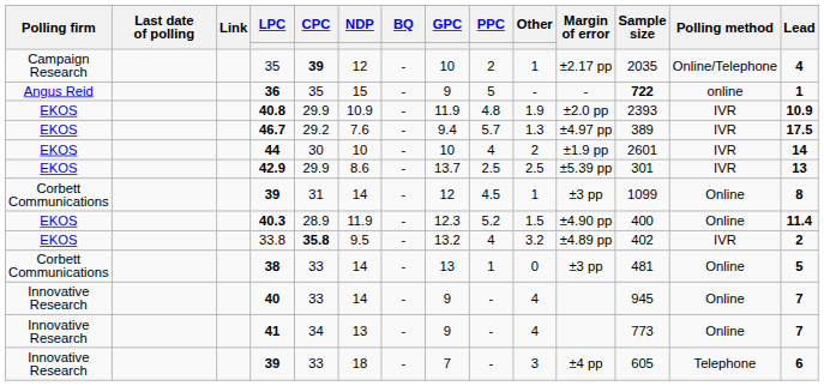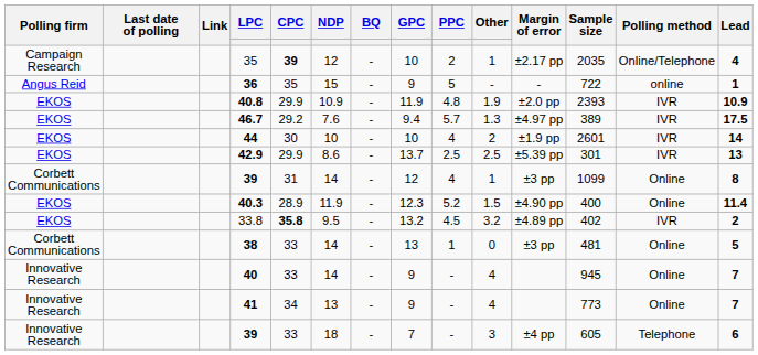 <table class="wikitable sortable mw-datatable" style="text-align:center;font-size:90%;line-height:14px;">
 <tr style="height:40px;">
 <th style="width:105px;" rowspan="2">Polling firm</th>
 <th style="width:105px;" rowspan="2">Last date<br>of polling</th>
 <th rowspan="2">Link</th>
 <th class="unsortable" style="width:40px;"><a href='#'>LPC</a></th>
 <th class="unsortable" style="width:40px;"><a href='#'>CPC</a></th>
 <th class="unsortable" style="width:40px;"><a href='#'>NDP</a></th>
 <th class="unsortable" style="width:40px;"><a href='#'>BQ</a></th>
 <th class="unsortable" style="width:40px;"><a href='#'>GPC</a></th>
 <th class="unsortable" style="width:40px;"><a href='#'>PPC</a></th>
 <th class="unsortable" style="width:40px;">Other</th>
 <th rowspan="2">Margin<br>of error</th>
 <th rowspan="2">Sample<br>size</th>
 <th rowspan="2">Polling method</th>
 <th rowspan="2">Lead</th>
 </tr>
 <tr>
 <th style="background:"></th>
 <th style="background:"></th>
 <th style="background:"></th>
 <th style="background:"></th>
 <th style="background:"></th>
 <th style="background:"></th>
 <th style="background:"></th>
 </tr>
 <tr>
 <td>Campaign Research</td>
 <td></td>
 <td></td>
 <td>35</td>
 <td><strong>39</strong></td>
 <td>12</td>
 <td>-</td>
 <td>10</td>
 <td>2</td>
 <td>1</td>
 <td>±2.17 pp</td>
 <td>2035</td>
 <td>Online/Telephone</td>
 <td><strong>4</strong></td>
 </tr>
 <tr>
 <td><a href='#'>Angus Reid</a></td>
 <td></td>
 <td></td>
 <td><strong>36</strong></td>
 <td>35</td>
 <td>15</td>
 <td>-</td>
 <td>9</td>
 <td>5</td>
 <td>-</td>
 <td>-</td>
-<td><strong>722</strong></td>
+<td>722</td>
 <td>online</td>
 <td><strong>1</strong></td>
 </tr>
 <tr>
 <td><a href='#'>EKOS</a></td>
 <td></td>
 <td></td>
 <td><strong>40.8</strong></td>
 <td>29.9</td>
 <td>10.9</td>
 <td>-</td>
 <td>11.9</td>
 <td>4.8</td>
 <td>1.9</td>
 <td>±2.0 pp</td>
 <td>2393</td>
 <td>IVR</td>
 <td><strong>10.9</strong></td>
 </tr>
 <tr>
 <td><a href='#'>EKOS</a></td>
 <td></td>
 <td></td>
 <td><strong>46.7</strong></td>
 <td>29.2</td>
 <td>7.6</td>
 <td>-</td>
 <td>9.4</td>
 <td>5.7</td>
 <td>1.3</td>
 <td>±4.97 pp</td>
 <td>389</td>
 <td>IVR</td>
 <td><strong>17.5</strong></td>
 </tr>
 <tr>
 <td><a href='#'>EKOS</a></td>
 <td></td>
 <td></td>
 <td><strong>44</strong></td>
 <td>30</td>
 <td>10</td>
 <td>-</td>
 <td>10</td>
 <td>4</td>
 <td>2</td>
 <td>±1.9 pp</td>
 <td>2601</td>
 <td>IVR</td>
 <td><strong>14</strong></td>
 </tr>
 <tr>
 <td><a href='#'>EKOS</a></td>
 <td></td>
 <td></td>
 <td><strong>42.9</strong></td>
 <td>29.9</td>
 <td>8.6</td>
 <td>-</td>
 <td>13.7</td>
 <td>2.5</td>
 <td>2.5</td>
 <td>±5.39 pp</td>
 <td>301</td>
 <td>IVR</td>
 <td><strong>13</strong></td>
 </tr>
 <tr>
 <td>Corbett Communications</td>
 <td></td>
 <td></td>
 <td><strong>39</strong></td>
 <td>31</td>
 <td>14</td>
 <td>-</td>
 <td>12</td>
-<td>4.5</td>
+<td>4</td>
 <td>1</td>
 <td>±3 pp</td>
 <td>1099</td>
 <td>Online</td>
 <td><strong>8</strong></td>
 </tr>
 <tr>
 <td><a href='#'>EKOS</a></td>
 <td></td>
 <td></td>
 <td><strong>40.3</strong></td>
 <td>28.9</td>
 <td>11.9</td>
 <td>-</td>
 <td>12.3</td>
 <td>5.2</td>
 <td>1.5</td>
 <td>±4.90 pp</td>
 <td>400</td>
 <td>Online</td>
 <td><strong>11.4</strong></td>
 </tr>
 <tr>
 <td><a href='#'>EKOS</a></td>
 <td></td>
 <td></td>
 <td>33.8</td>
 <td><strong>35.8</strong></td>
 <td>9.5</td>
 <td>-</td>
 <td>13.2</td>
-<td>4</td>
+<td>4.5</td>
 <td>3.2</td>
 <td>±4.89 pp</td>
 <td>402</td>
 <td>IVR</td>
 <td><strong>2</strong></td>
 </tr>
 <tr>
 <td>Corbett Communications</td>
 <td></td>
 <td></td>
 <td><strong>38</strong></td>
 <td>33</td>
 <td>14</td>
 <td>-</td>
 <td>13</td>
 <td>1</td>
 <td>0</td>
 <td>±3 pp</td>
 <td>481</td>
 <td>Online</td>
 <td><strong>5</strong></td>
 </tr>
 <tr>
 <td>Innovative Research</td>
 <td></td>
 <td></td>
 <td><strong>40</strong></td>
 <td>33</td>
 <td>14</td>
 <td>-</td>
 <td>9</td>
 <td>-</td>
 <td>4</td>
 <td></td>
 <td>945</td>
 <td>Online</td>
 <td><strong>7</strong></td>
 </tr>
 <tr>
 <td>Innovative Research</td>
 <td></td>
 <td></td>
 <td><strong>41</strong></td>
 <td>34</td>
 <td>13</td>
 <td>-</td>
 <td>9</td>
 <td>-</td>
 <td>4</td>
 <td></td>
 <td>773</td>
 <td>Online</td>
 <td><strong>7</strong></td>
 </tr>
 <tr>
 <td>Innovative Research</td>
 <td></td>
 <td></td>
 <td><strong>39</strong></td>
 <td>33</td>
 <td>18</td>
 <td>-</td>
 <td>7</td>
 <td>-</td>
 <td>3</td>
 <td>±4 pp</td>
 <td>605</td>
 <td>Telephone</td>
 <td><strong>6</strong></td>
 </tr>
 </table>
